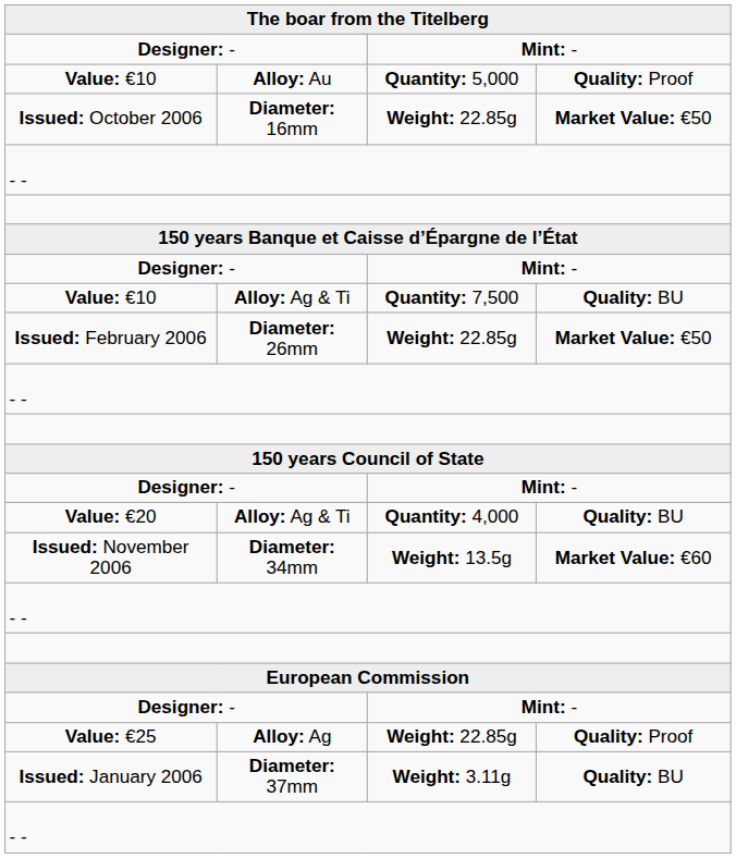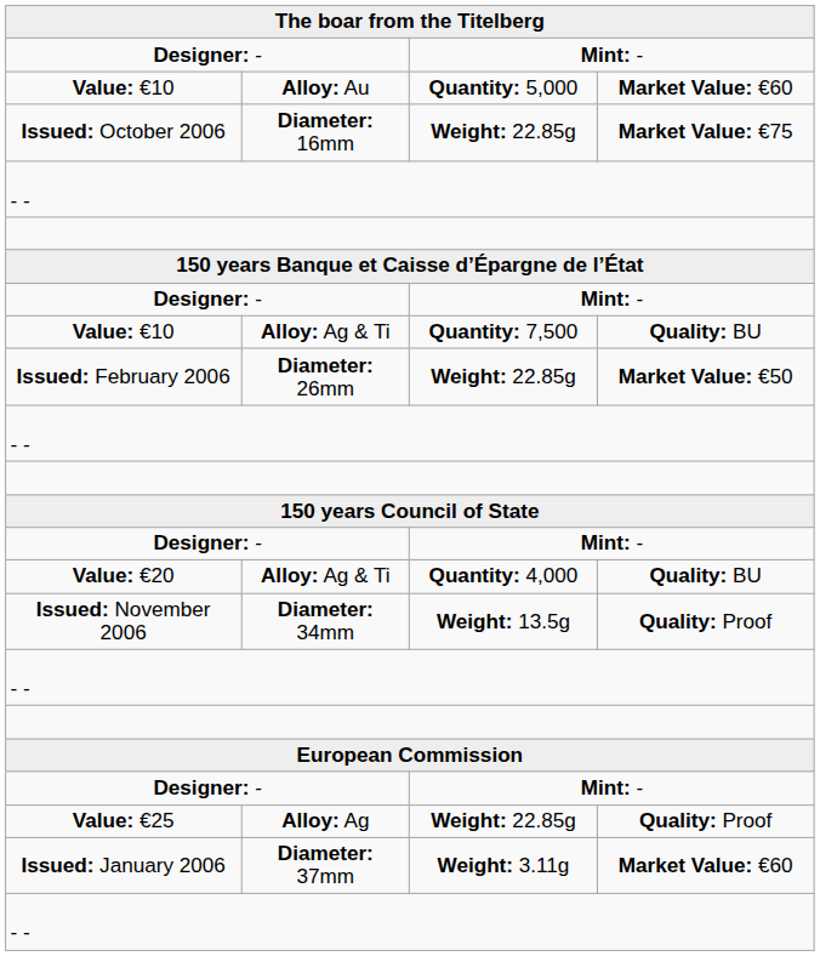 <table class="wikitable" width=100%>
 <tr>
 <th colspan="4" align=center style="background:#eeeeee;">The boar from the Titelberg</th>
 </tr>
 <tr>
 <td colspan="2" width="50%" align=center><strong>Designer:</strong>	-</td>
 <td colspan="2" width="50%" align=center><strong>Mint:</strong> -</td>
 </tr>
 <tr>
 <td align=center><strong>Value:</strong>	€10</td>
 <td align=center><strong>Alloy:</strong>	Au</td>
 <td align=center><strong>Quantity:</strong>	5,000</td>
-<td align=center><strong>Quality:</strong>	Proof</td>
+<td align=center><strong>Market Value:</strong>	€60</td>
 </tr>
 <tr>
 <td align=center><strong>Issued:</strong>	October 2006</td>
 <td align=center><strong>Diameter:</strong>	16mm</td>
 <td align=center><strong>Weight:</strong>	22.85g</td>
-<td align=center><strong>Market Value:</strong>	€50</td>
+<td align=center><strong>Market Value:</strong>	€75</td>
 </tr>
 <tr>
 <td colspan="5" align=left><br>-	 -</td>
 </tr>
 <tr>
 <td colspan="5" align=left> </td>
 </tr>
 <tr>
 <th colspan="4" align=center style="background:#eeeeee;">150 years Banque et Caisse d’Épargne de l’État</th>
 </tr>
 <tr>
 <td colspan="2" width="50%" align=center><strong>Designer:</strong>	-</td>
 <td colspan="2" width="50%" align=center><strong>Mint:</strong> -</td>
 </tr>
 <tr>
 <td align=center><strong>Value:</strong>	€10</td>
 <td align=center><strong>Alloy:</strong>	Ag & Ti</td>
 <td align=center><strong>Quantity:</strong>	7,500</td>
 <td align=center><strong>Quality:</strong>	BU</td>
 </tr>
 <tr>
 <td align=center><strong>Issued:</strong>	February 2006</td>
 <td align=center><strong>Diameter:</strong>	26mm</td>
 <td align=center><strong>Weight:</strong>	22.85g</td>
 <td align=center><strong>Market Value:</strong>	€50</td>
 </tr>
 <tr>
 <td colspan="5" align=left><br>-	 -</td>
 </tr>
 <tr>
 <td colspan="5" align=left> </td>
 </tr>
 <tr>
 <th colspan="4" align=center style="background:#eeeeee;">150 years Council of State</th>
 </tr>
 <tr>
 <td colspan="2" width="50%" align=center><strong>Designer:</strong>	-</td>
 <td colspan="2" width="50%" align=center><strong>Mint:</strong> -</td>
 </tr>
 <tr>
 <td align=center><strong>Value:</strong>	€20</td>
 <td align=center><strong>Alloy:</strong>	Ag & Ti</td>
 <td align=center><strong>Quantity:</strong>	4,000</td>
 <td align=center><strong>Quality:</strong>	BU</td>
 </tr>
 <tr>
 <td align=center><strong>Issued:</strong>	November 2006</td>
 <td align=center><strong>Diameter:</strong>	34mm</td>
 <td align=center><strong>Weight:</strong>	13.5g</td>
-<td align=center><strong>Market Value:</strong>	€60</td>
+<td align=center><strong>Quality:</strong>	Proof</td>
 </tr>
 <tr>
 <td colspan="5" align=left><br>-	 -</td>
 </tr>
 <tr>
 <td colspan="5" align=left> </td>
 </tr>
 <tr>
 <th colspan="4" align=center style="background:#eeeeee;">European Commission</th>
 </tr>
 <tr>
 <td colspan="2" width="50%" align=center><strong>Designer:</strong>	-</td>
 <td colspan="2" width="50%" align=center><strong>Mint:</strong> -</td>
 </tr>
 <tr>
 <td align=center><strong>Value:</strong>	€25</td>
 <td align=center><strong>Alloy:</strong>	Ag</td>
 <td align=center><strong>Weight:</strong>	22.85g</td>
 <td align=center><strong>Quality:</strong>	Proof</td>
 </tr>
 <tr>
 <td align=center><strong>Issued:</strong>	January 2006</td>
 <td align=center><strong>Diameter:</strong>	37mm</td>
 <td align=center><strong>Weight:</strong>	3.11g</td>
-<td align=center><strong>Quality:</strong>	BU</td>
+<td align=center><strong>Market Value:</strong>	€60</td>
 </tr>
 <tr>
 <td colspan="5" align=left><br>-	 -</td>
 </tr>
 </table>
